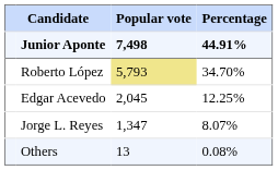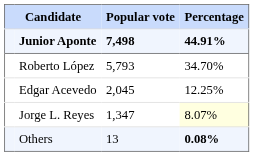 <table style="border: 1px solid #666666; border-collapse: collapse" align="center" cellpadding="6">
 <tr style="background-color: #C9DBFC">
 <th colspan="2">Candidate</th>
 <th>Popular vote</th>
 <th>Percentage</th>
 </tr>
 <tr style="background-color: #F0F5FE">
 <td style="border-top: 1px solid #DDDDDD"></td>
 <td style="border-top: 1px solid #DDDDDD"><strong>Junior Aponte</strong></td>
 <td style="border-top: 1px solid #DDDDDD"><strong>7,498</strong></td>
 <td style="border-top: 1px solid #DDDDDD"><strong>44.91%</strong></td>
 </tr>
 <tr>
 <td style="border-top: 1px solid #666666"></td>
 <td style="border-top: 1px solid #666666">Roberto López</td>
-<td style="background: khaki; border-top: 1px solid #666666">5,793</td>
+<td style="border-top: 1px solid #666666">5,793</td>
 <td style="border-top: 1px solid #666666">34.70%</td>
 </tr>
 <tr>
 <td style="border-top: 1px solid #DDDDDD"></td>
 <td style="border-top: 1px solid #DDDDDD">Edgar Acevedo</td>
 <td style="border-top: 1px solid #DDDDDD">2,045</td>
 <td style="border-top: 1px solid #DDDDDD">12.25%</td>
 </tr>
 <tr>
 <td style="border-top: 1px solid #DDDDDD"></td>
 <td style="border-top: 1px solid #DDDDDD">Jorge L. Reyes</td>
 <td style="border-top: 1px solid #DDDDDD">1,347</td>
-<td style="border-top: 1px solid #DDDDDD">8.07%</td>
+<td style="background: lightyellow; border-top: 1px solid #DDDDDD">8.07%</td>
 </tr>
 <tr style="background-color: #F0F5FE">
 <td style="border-top: 1px solid #DDDDDD"></td>
 <td style="border-top: 1px solid #DDDDDD">Others</td>
 <td style="border-top: 1px solid #DDDDDD">13</td>
-<td style="border-top: 1px solid #DDDDDD">0.08%</td>
+<td style="border-top: 1px solid #DDDDDD"><strong>0.08%</strong></td>
 </tr>
 </table>
